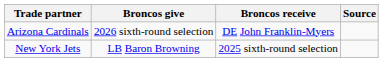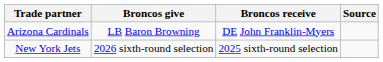 <table class="wikitable" style="text-align:center">
 <tr>
 <th>Trade partner</th>
 <th>Broncos give</th>
 <th>Broncos receive</th>
 <th>Source</th>
 </tr>
 <tr>
 <td><a href='#'>Arizona Cardinals</a></td>
-<td><a href='#'>2026</a> sixth-round selection</td>
+<td><a href='#'>LB</a> <a href='#'>Baron Browning</a></td>
 <td><a href='#'>DE</a> <a href='#'>John Franklin-Myers</a></td>
 <td></td>
 </tr>
 <tr>
 <td><a href='#'>New York Jets</a></td>
-<td><a href='#'>LB</a> <a href='#'>Baron Browning</a></td>
+<td><a href='#'>2026</a> sixth-round selection</td>
 <td><a href='#'>2025</a> sixth-round selection</td>
 <td></td>
 </tr>
 </table>
